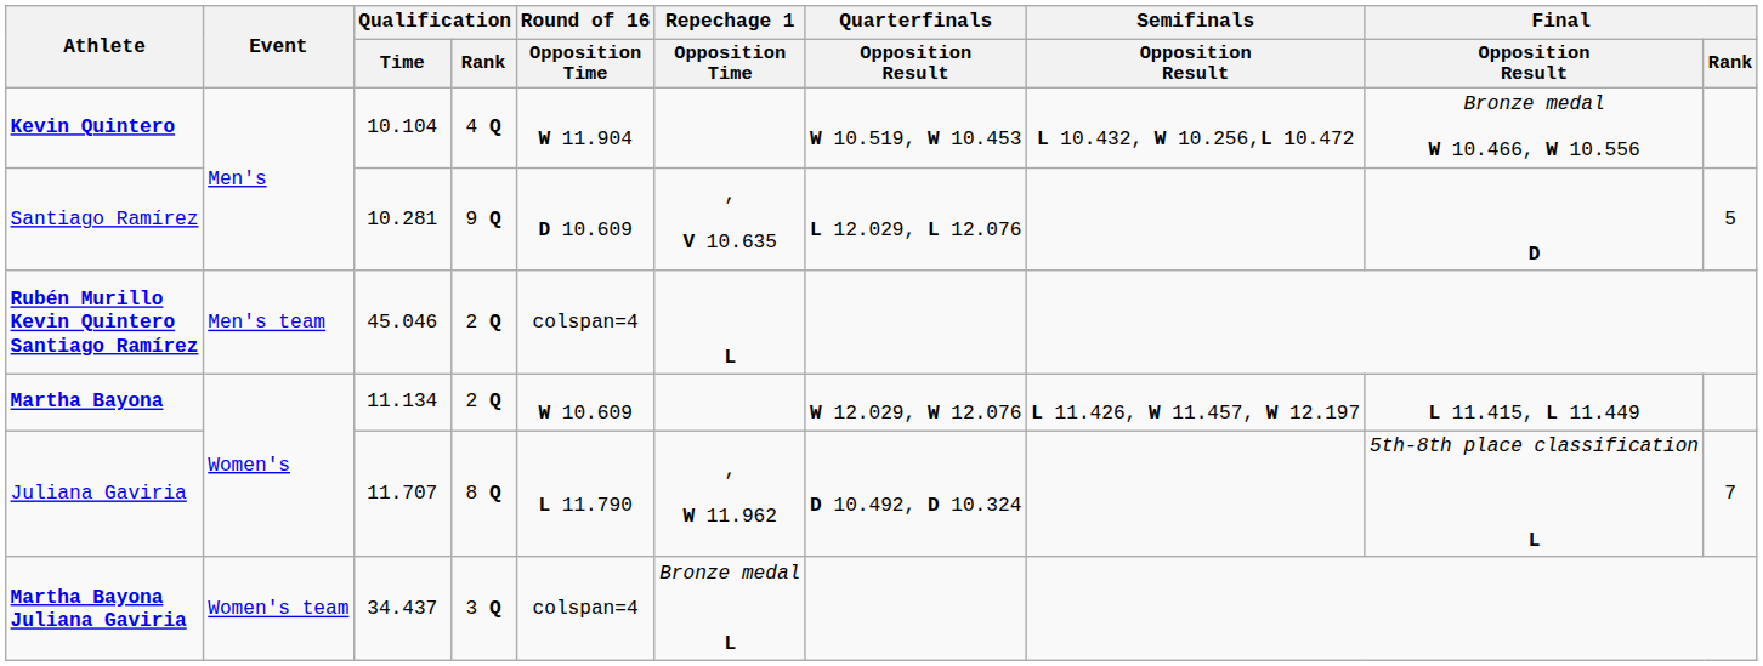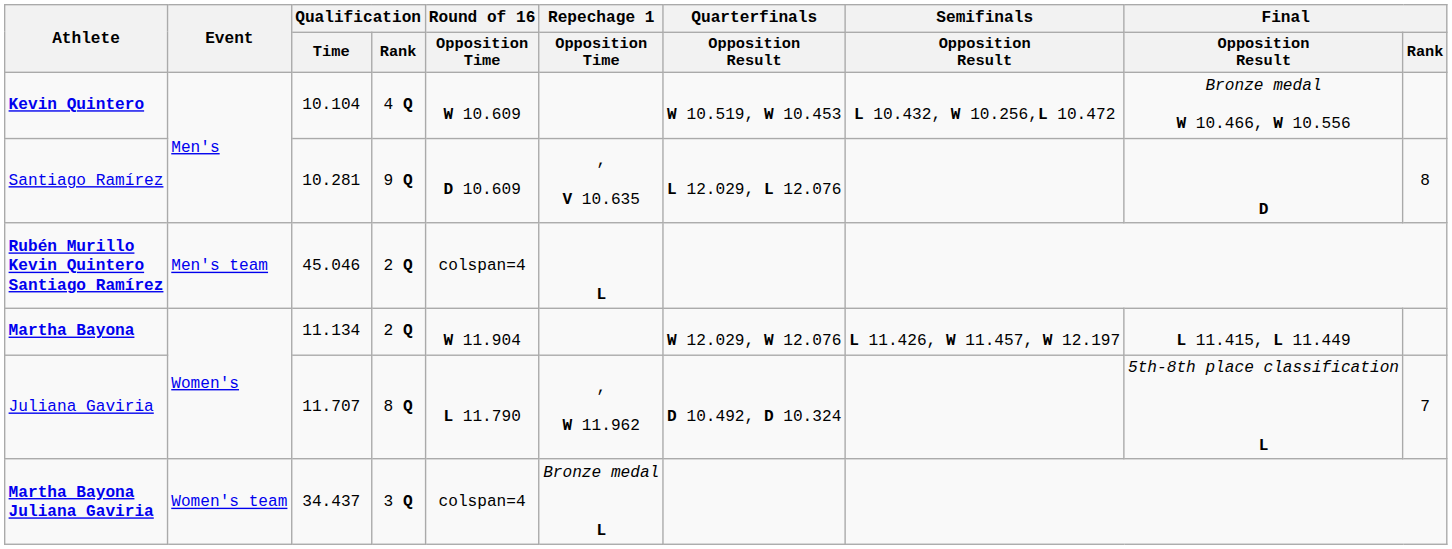 <table class=wikitable style="font-size:90%;">
 <tr>
 <th rowspan=2>Athlete</th>
 <th rowspan=2>Event</th>
 <th colspan=2>Qualification</th>
 <th>Round of 16</th>
 <th>Repechage 1</th>
 <th>Quarterfinals</th>
 <th>Semifinals</th>
 <th colspan=2>Final</th>
 </tr>
 <tr style="font-size:95%">
 <th>Time</th>
 <th>Rank</th>
 <th>Opposition<br>Time</th>
 <th>Opposition<br>Time</th>
 <th>Opposition<br>Result</th>
 <th>Opposition<br>Result</th>
 <th>Opposition<br>Result</th>
 <th>Rank</th>
 </tr>
 <tr align=center>
 <td align=left><strong><a href='#'>Kevin Quintero</a></strong></td>
 <td align=left rowspan=2><a href='#'>Men's</a></td>
 <td>10.104</td>
 <td>4 <strong>Q</strong></td>
-<td><br><strong>W</strong> 11.904</td>
+<td><br><strong>W</strong> 10.609</td>
 <td></td>
 <td><br><strong>W</strong> 10.519, <strong>W</strong> 10.453</td>
 <td><br><strong>L</strong> 10.432, <strong>W</strong> 10.256,<strong>L</strong> 10.472</td>
 <td><em>Bronze medal</em><br><br><strong>W</strong> 10.466, <strong>W</strong> 10.556</td>
 <td> </td>
 </tr>
 <tr align=center>
 <td align=left><a href='#'>Santiago Ramírez</a></td>
 <td>10.281</td>
 <td>9 <strong>Q</strong></td>
 <td><br><strong>D</strong> 10.609</td>
 <td>,<br> <br><strong>V</strong> 10.635</td>
 <td><br><strong>L</strong> 12.029, <strong>L</strong> 12.076</td>
 <td></td>
 <td><br><br><br> <strong>D</strong></td>
-<td>5  </td>
+<td>8  </td>
 </tr>
 <tr align=center>
 <td align=left><strong><a href='#'>Rubén Murillo</a><br><a href='#'>Kevin Quintero</a><br><a href='#'>Santiago Ramírez</a></strong></td>
 <td align=left><a href='#'>Men's team</a></td>
 <td>45.046</td>
 <td>2 <strong>Q</strong></td>
 <td>colspan=4 </td>
 <td><br><br><br> <strong>L</strong></td>
 <td> </td>
 </tr>
 <tr align=center>
 <td align=left><strong><a href='#'>Martha Bayona</a></strong></td>
 <td align=left rowspan=2><a href='#'>Women's</a></td>
 <td>11.134</td>
 <td>2 <strong>Q</strong></td>
-<td><br><strong>W</strong> 10.609</td>
+<td><br><strong>W</strong> 11.904</td>
 <td></td>
 <td><br><strong>W</strong> 12.029, <strong>W</strong> 12.076</td>
 <td><br><strong>L</strong> 11.426, <strong>W</strong> 11.457, <strong>W</strong> 12.197</td>
 <td><br><strong>L</strong> 11.415, <strong>L</strong> 11.449</td>
 <td></td>
 </tr>
 <tr align=center>
 <td align=left><a href='#'>Juliana Gaviria</a></td>
 <td>11.707</td>
 <td>8 <strong>Q</strong></td>
 <td><br><strong>L</strong> 11.790</td>
 <td>,<br> <br><strong>W</strong> 11.962</td>
 <td><br><strong>D</strong> 10.492, <strong>D</strong> 10.324</td>
 <td></td>
 <td><em>5th-8th place classification</em><br><br><br><br> <strong>L</strong></td>
 <td>7</td>
 </tr>
 <tr align=center>
 <td align=left><strong><a href='#'>Martha Bayona</a><br><a href='#'>Juliana Gaviria</a></strong></td>
 <td align=left><a href='#'>Women's team</a></td>
 <td>34.437</td>
 <td>3 <strong>Q</strong></td>
 <td>colspan=4 </td>
 <td><em>Bronze medal</em><br><br><br><strong>L</strong></td>
 <td></td>
 </tr>
 </table>
